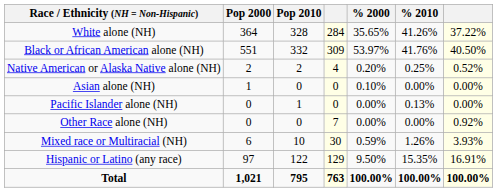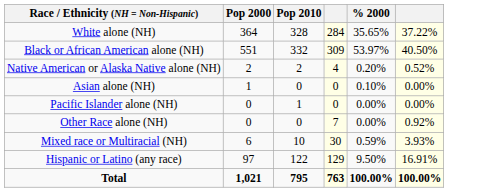 <table class="wikitable" style="text-align:center;">
 <tr>
 <th>Race / Ethnicity <small>(<em>NH = Non-Hispanic</em>)</small></th>
 <th>Pop 2000</th>
 <th>Pop 2010</th>
 <th></th>
 <th>% 2000</th>
-<th>% 2010</th>
 <th></th>
 </tr>
 <tr>
 <td><a href='#'>White</a> alone (NH)</td>
 <td>364</td>
 <td>328</td>
 <td style='background: #ffffe6;'>284</td>
 <td>35.65%</td>
-<td>41.26%</td>
 <td style='background: #ffffe6;'>37.22%</td>
 </tr>
 <tr>
 <td><a href='#'>Black or African American</a> alone (NH)</td>
 <td>551</td>
 <td>332</td>
 <td style='background: #ffffe6;'>309</td>
 <td>53.97%</td>
-<td>41.76%</td>
 <td style='background: #ffffe6;'>40.50%</td>
 </tr>
 <tr>
 <td><a href='#'>Native American</a> or <a href='#'>Alaska Native</a> alone (NH)</td>
 <td>2</td>
 <td>2</td>
 <td style='background: #ffffe6;'>4</td>
 <td>0.20%</td>
-<td>0.25%</td>
 <td style='background: #ffffe6;'>0.52%</td>
 </tr>
 <tr>
 <td><a href='#'>Asian</a> alone (NH)</td>
 <td>1</td>
 <td>0</td>
 <td style='background: #ffffe6;'>0</td>
 <td>0.10%</td>
-<td>0.00%</td>
 <td style='background: #ffffe6;'>0.00%</td>
 </tr>
 <tr>
 <td><a href='#'>Pacific Islander</a> alone (NH)</td>
 <td>0</td>
 <td>1</td>
 <td style='background: #ffffe6;'>0</td>
 <td>0.00%</td>
-<td>0.13%</td>
 <td style='background: #ffffe6;'>0.00%</td>
 </tr>
 <tr>
 <td><a href='#'>Other Race</a> alone (NH)</td>
 <td>0</td>
 <td>0</td>
 <td style='background: #ffffe6;'>7</td>
-<td>0.00%</td>
 <td>0.00%</td>
 <td style='background: #ffffe6;'>0.92%</td>
 </tr>
 <tr>
 <td><a href='#'>Mixed race or Multiracial</a> (NH)</td>
 <td>6</td>
 <td>10</td>
 <td style='background: #ffffe6;'>30</td>
 <td>0.59%</td>
-<td>1.26%</td>
 <td style='background: #ffffe6;'>3.93%</td>
 </tr>
 <tr>
 <td><a href='#'>Hispanic or Latino</a> (any race)</td>
 <td>97</td>
 <td>122</td>
 <td style='background: #ffffe6;'>129</td>
 <td>9.50%</td>
-<td>15.35%</td>
 <td style='background: #ffffe6;'>16.91%</td>
 </tr>
 <tr>
 <td><strong>Total</strong></td>
 <td><strong>1,021</strong></td>
 <td><strong>795</strong></td>
 <td style='background: #ffffe6;'><strong>763</strong></td>
 <td><strong>100.00%</strong></td>
-<td><strong>100.00%</strong></td>
 <td style='background: #ffffe6;'><strong>100.00%</strong></td>
 </tr>
 </table>
